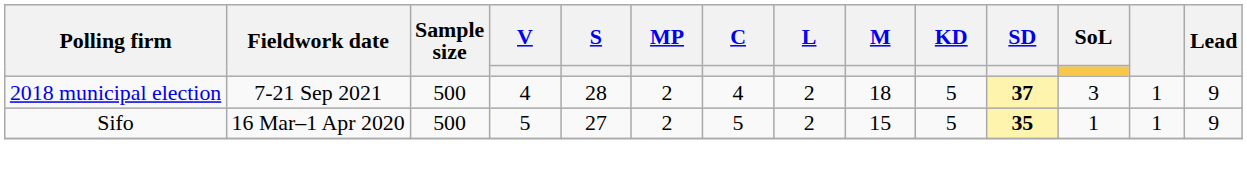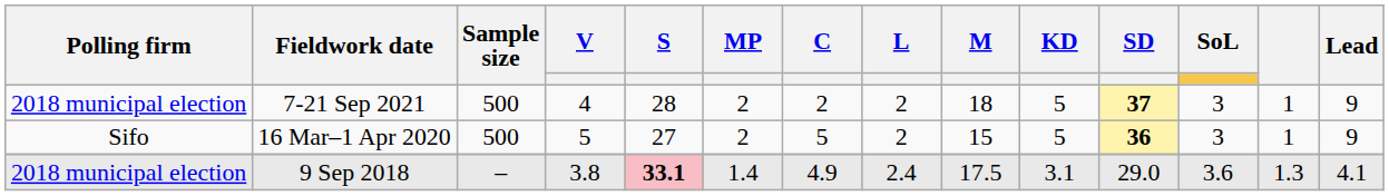 <table class="wikitable sortable" style="text-align:center;font-size:90%;line-height:14px;">
 <tr style="height:40px;">
 <th rowspan="2">Polling firm</th>
 <th rowspan="2">Fieldwork date</th>
 <th rowspan="2">Sample<br>size</th>
 <th class="sortable" style="width:40px;"><a href='#'>V</a></th>
 <th class="sortable" style="width:40px;"><a href='#'>S</a></th>
 <th class="sortable" style="width:40px;"><a href='#'>MP</a></th>
 <th class="sortable" style="width:40px;"><a href='#'>C</a></th>
 <th class="sortable" style="width:40px;"><a href='#'>L</a></th>
 <th class="sortable" style="width:40px;"><a href='#'>M</a></th>
 <th class="sortable" style="width:40px;"><a href='#'>KD</a></th>
 <th class="sortable" style="width:40px;"><a href='#'>SD</a></th>
 <th class="sortable" style="width:40px;">SoL</th>
 <th class="sortable" style="width:30px;" rowspan="2"></th>
 <th style="width:30px;" rowspan="2">Lead</th>
 </tr>
 <tr>
 <th style="background:"></th>
 <th style="background:"></th>
 <th style="background:"></th>
 <th style="background:"></th>
 <th style="background:"></th>
 <th style="background:"></th>
 <th style="background:"></th>
 <th style="background:"></th>
 <th style="background:#F7C749"></th>
 </tr>
 <tr>
 <td><a href='#'>2018 municipal election</a></td>
 <td>7-21 Sep 2021</td>
 <td>500</td>
 <td>4</td>
 <td>28</td>
 <td>2</td>
-<td>4</td>
+<td>2</td>
 <td>2</td>
 <td>18</td>
 <td>5</td>
 <td style="background:#FEF4AE;"><strong>37</strong></td>
 <td>3</td>
 <td>1</td>
 <td style="background:">9</td>
 </tr>
 <tr>
 <td>Sifo</td>
 <td>16 Mar–1 Apr 2020</td>
 <td>500</td>
 <td>5</td>
 <td>27</td>
 <td>2</td>
 <td>5</td>
 <td>2</td>
 <td>15</td>
 <td>5</td>
-<td style="background:#FEF4AE;"><strong>35</strong></td>
-<td>1</td>
+<td style="background:#FEF4AE;"><strong>36</strong></td>
+<td>3</td>
 <td>1</td>
 <td style="background:">9</td>
 </tr>
 <tr>
 </tr>
+<tr style="background:#E9E9E9;">
+<td><a href='#'>2018 municipal election</a></td>
+<td data-sort-value="2018-09-09">9 Sep 2018</td>
+<td>–</td>
+<td>3.8</td>
+<td style="background:#F9BDC5;"><strong>33.1</strong></td>
+<td>1.4</td>
+<td>4.9</td>
+<td>2.4</td>
+<td>17.5</td>
+<td>3.1</td>
+<td>29.0</td>
+<td>3.6</td>
+<td>1.3</td>
+<td style="background:">4.1</td>
+</tr>
 </table>
